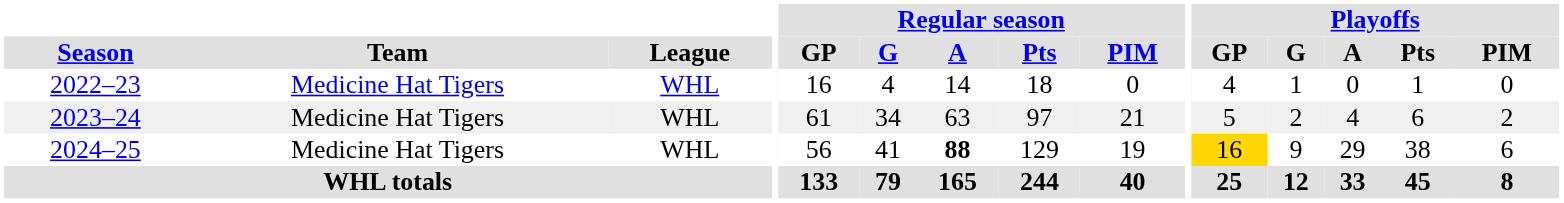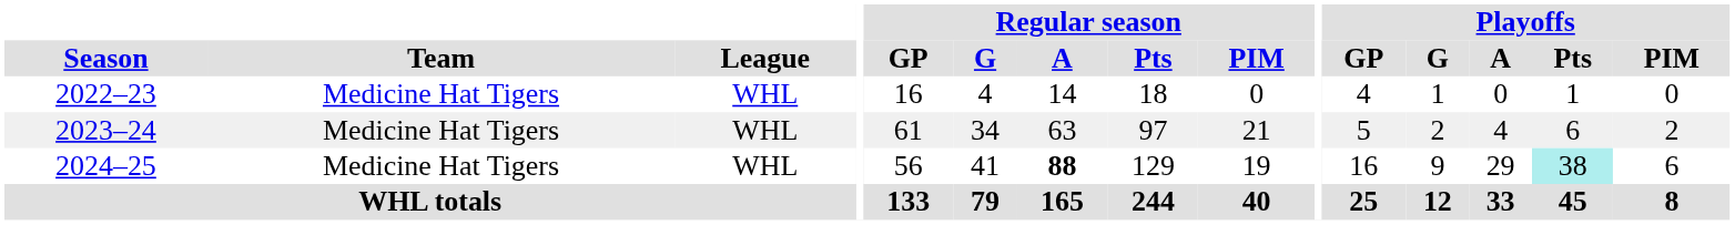 <table border="0" cellpadding="1" cellspacing="0" style="text-align:center; width:60em;">
 <tr bgcolor="#e0e0e0">
 <th colspan="3" bgcolor="#ffffff"></th>
 <th rowspan="94" bgcolor="#ffffff"></th>
 <th colspan="5"><a href='#'>Regular season</a></th>
 <th rowspan="94" bgcolor="#ffffff"></th>
 <th colspan="5"><a href='#'>Playoffs</a></th>
 </tr>
 <tr bgcolor="#e0e0e0">
 <th><a href='#'>Season</a></th>
 <th>Team</th>
 <th>League</th>
 <th>GP</th>
 <th><a href='#'>G</a></th>
 <th><a href='#'>A</a></th>
 <th><a href='#'>Pts</a></th>
 <th><a href='#'>PIM</a></th>
 <th>GP</th>
 <th>G</th>
 <th>A</th>
 <th>Pts</th>
 <th>PIM</th>
 </tr>
 <tr>
 <td><a href='#'>2022–23</a></td>
 <td><a href='#'>Medicine Hat Tigers</a></td>
 <td><a href='#'>WHL</a></td>
 <td>16</td>
 <td>4</td>
 <td>14</td>
 <td>18</td>
 <td>0</td>
 <td>4</td>
 <td>1</td>
 <td>0</td>
 <td>1</td>
 <td>0</td>
 </tr>
 <tr bgcolor="f0f0f0">
 <td><a href='#'>2023–24</a></td>
 <td>Medicine Hat Tigers</td>
 <td>WHL</td>
 <td>61</td>
 <td>34</td>
 <td>63</td>
 <td>97</td>
 <td>21</td>
 <td>5</td>
 <td>2</td>
 <td>4</td>
 <td>6</td>
 <td>2</td>
 </tr>
 <tr>
 <td><a href='#'>2024–25</a></td>
 <td>Medicine Hat Tigers</td>
 <td>WHL</td>
 <td>56</td>
 <td>41</td>
 <td><strong>88</strong></td>
 <td>129</td>
 <td>19</td>
-<td style="background: gold;">16</td>
+<td>16</td>
 <td>9</td>
 <td>29</td>
-<td>38</td>
+<td style="background: paleturquoise;">38</td>
 <td>6</td>
 </tr>
 <tr bgcolor="#e0e0e0">
 <th colspan="3">WHL totals</th>
 <th>133</th>
 <th>79</th>
 <th>165</th>
 <th>244</th>
 <th>40</th>
 <th>25</th>
 <th>12</th>
 <th>33</th>
 <th>45</th>
 <th>8</th>
 </tr>
 </table>
